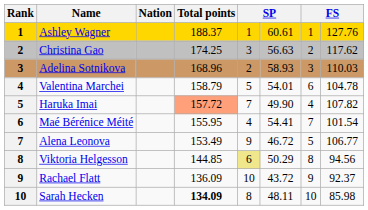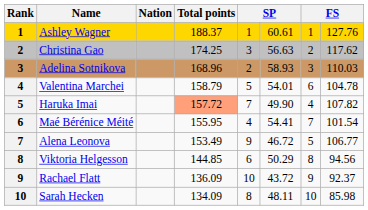 <table class="wikitable sortable">
 <tr>
 <th>Rank</th>
 <th>Name</th>
 <th>Nation</th>
 <th>Total points</th>
 <th colspan="2" width="80px"><a href='#'>SP</a></th>
 <th colspan="2" width="80px"><a href='#'>FS</a></th>
 </tr>
 <tr bgcolor="gold">
 <td align="center"><strong>1</strong></td>
 <td><a href='#'>Ashley Wagner</a></td>
 <td></td>
 <td align="center">188.37</td>
 <td align="center">1</td>
 <td align="center">60.61</td>
 <td align="center">1</td>
 <td align="center">127.76</td>
 </tr>
 <tr bgcolor="silver">
 <td align="center"><strong>2</strong></td>
 <td><a href='#'>Christina Gao</a></td>
 <td></td>
 <td align="center">174.25</td>
 <td align="center">3</td>
 <td align="center">56.63</td>
 <td align="center">2</td>
 <td align="center">117.62</td>
 </tr>
 <tr bgcolor="cc9966">
 <td align="center"><strong>3</strong></td>
 <td><a href='#'>Adelina Sotnikova</a></td>
 <td></td>
 <td align="center">168.96</td>
 <td align="center">2</td>
 <td align="center">58.93</td>
 <td align="center">3</td>
 <td align="center">110.03</td>
 </tr>
 <tr>
 <th>4</th>
 <td><a href='#'>Valentina Marchei</a></td>
 <td></td>
 <td align="center">158.79</td>
 <td align="center">5</td>
 <td align="center">54.01</td>
 <td align="center">6</td>
 <td align="center">104.78</td>
 </tr>
 <tr>
 <th>5</th>
 <td><a href='#'>Haruka Imai</a></td>
 <td></td>
 <td align="center" style="background: lightsalmon;">157.72</td>
 <td align="center">7</td>
 <td align="center">49.90</td>
 <td align="center">4</td>
 <td align="center">107.82</td>
 </tr>
 <tr>
 <th>6</th>
 <td><a href='#'>Maé Bérénice Méité</a></td>
 <td></td>
 <td align="center">155.95</td>
 <td align="center">4</td>
 <td align="center">54.41</td>
 <td align="center">7</td>
 <td align="center">101.54</td>
 </tr>
 <tr>
 <th>7</th>
 <td><a href='#'>Alena Leonova</a></td>
 <td></td>
 <td align="center">153.49</td>
 <td align="center">9</td>
 <td align="center">46.72</td>
 <td align="center">5</td>
 <td align="center">106.77</td>
 </tr>
 <tr>
 <th>8</th>
 <td><a href='#'>Viktoria Helgesson</a></td>
 <td></td>
 <td align="center">144.85</td>
-<td align="center" style="background: khaki;">6</td>
+<td align="center">6</td>
 <td align="center">50.29</td>
 <td align="center">8</td>
 <td align="center">94.56</td>
 </tr>
 <tr>
 <th>9</th>
 <td><a href='#'>Rachael Flatt</a></td>
 <td></td>
 <td align="center">136.09</td>
 <td align="center">10</td>
 <td align="center">43.72</td>
 <td align="center">9</td>
 <td align="center">92.37</td>
 </tr>
 <tr>
 <th>10</th>
 <td><a href='#'>Sarah Hecken</a></td>
 <td></td>
-<td align="center"><strong>134.09</strong></td>
+<td align="center">134.09</td>
 <td align="center">8</td>
 <td align="center">48.11</td>
 <td align="center">10</td>
 <td align="center">85.98</td>
 </tr>
 </table>
